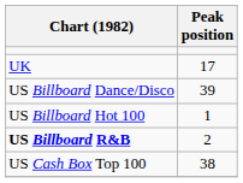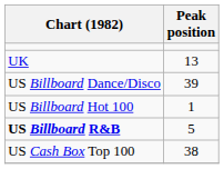 <table class="wikitable sortable">
 <tr>
 <th>Chart (1982)</th>
 <th>Peak<br>position</th>
 </tr>
 <tr>
 <td></td>
 </tr>
 <tr>
 <td><a href='#'>UK</a></td>
-<td style="text-align:center;">17</td>
+<td style="text-align:center;">13</td>
 </tr>
 <tr>
 <td>US <em><a href='#'>Billboard</a></em> <a href='#'>Dance/Disco</a></td>
 <td style="text-align:center;">39</td>
 </tr>
 <tr>
 <td>US <em><a href='#'>Billboard</a></em> <a href='#'>Hot 100</a></td>
 <td style="text-align:center;">1</td>
 </tr>
 <tr>
 <td><strong>US <em><a href='#'>Billboard</a></em> <a href='#'>R&B</a></strong></td>
-<td style="text-align:center;">2</td>
+<td style="text-align:center;">5</td>
 </tr>
 <tr>
 <td>US <a href='#'><em>Cash Box</em></a> Top 100</td>
 <td align="center">38</td>
 </tr>
 <tr>
 </tr>
 </table>
